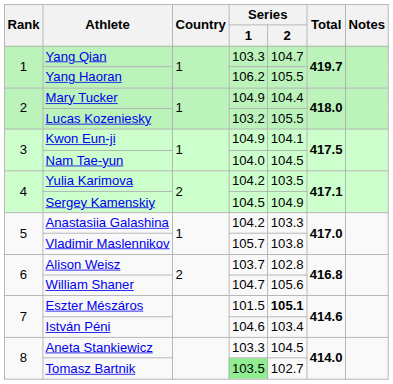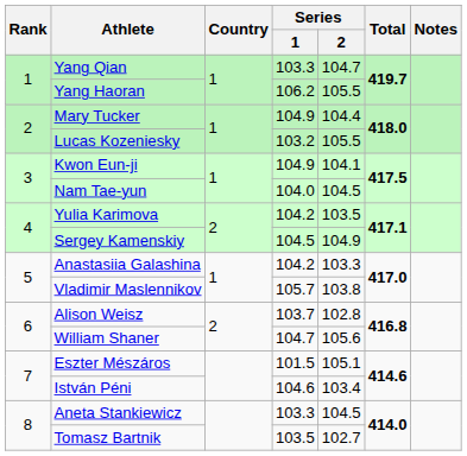 <table class="wikitable sortable" style="text-align:center">
 <tr>
 <th rowspan=2>Rank</th>
 <th rowspan=2>Athlete</th>
 <th rowspan=2>Country</th>
 <th colspan=2>Series</th>
 <th rowspan=2>Total</th>
 <th rowspan=2>Notes</th>
 </tr>
 <tr>
 <th width="40px">1</th>
 <th width="40px">2</th>
 </tr>
 <tr bgcolor=bbf3bb>
 <td rowspan=2>1</td>
 <td align=left><a href='#'>Yang Qian</a></td>
 <td rowspan=2 align=left> 1</td>
 <td>103.3</td>
 <td>104.7</td>
 <td rowspan=2><strong>419.7</strong></td>
 <td rowspan=2></td>
 </tr>
 <tr bgcolor=bbf3bb>
 <td align=left><a href='#'>Yang Haoran</a></td>
 <td>106.2</td>
 <td>105.5</td>
 </tr>
 <tr bgcolor=bbf3bb>
 <td rowspan=2>2</td>
 <td align=left><a href='#'>Mary Tucker</a></td>
 <td rowspan=2 align=left> 1</td>
 <td>104.9</td>
 <td>104.4</td>
 <td rowspan=2><strong>418.0</strong></td>
 <td rowspan=2></td>
 </tr>
 <tr bgcolor=bbf3bb>
 <td align=left><a href='#'>Lucas Kozeniesky</a></td>
 <td>103.2</td>
 <td>105.5</td>
 </tr>
 <tr bgcolor=ccffcc>
 <td rowspan=2>3</td>
 <td align=left><a href='#'>Kwon Eun-ji</a></td>
 <td rowspan=2 align=left> 1</td>
 <td>104.9</td>
 <td>104.1</td>
 <td rowspan=2><strong>417.5</strong></td>
 <td rowspan=2></td>
 </tr>
 <tr bgcolor=ccffcc>
 <td align=left><a href='#'>Nam Tae-yun</a></td>
 <td>104.0</td>
 <td>104.5</td>
 </tr>
 <tr bgcolor=ccffcc>
 <td rowspan=2>4</td>
 <td align=left><a href='#'>Yulia Karimova</a></td>
 <td rowspan=2 align=left> 2</td>
 <td>104.2</td>
 <td>103.5</td>
 <td rowspan=2><strong>417.1</strong></td>
 <td rowspan=2></td>
 </tr>
 <tr bgcolor=ccffcc>
 <td align=left><a href='#'>Sergey Kamenskiy</a></td>
 <td>104.5</td>
 <td>104.9</td>
 </tr>
 <tr>
 <td rowspan=2>5</td>
 <td align=left><a href='#'>Anastasiia Galashina</a></td>
 <td rowspan=2 align=left> 1</td>
 <td>104.2</td>
 <td>103.3</td>
 <td rowspan=2><strong>417.0</strong></td>
 <td rowspan=2></td>
 </tr>
 <tr>
 <td align=left><a href='#'>Vladimir Maslennikov</a></td>
 <td>105.7</td>
 <td>103.8</td>
 </tr>
 <tr>
 <td rowspan=2>6</td>
 <td align=left><a href='#'>Alison Weisz</a></td>
 <td rowspan=2 align=left> 2</td>
 <td>103.7</td>
 <td>102.8</td>
 <td rowspan=2><strong>416.8</strong></td>
 <td rowspan=2></td>
 </tr>
 <tr>
 <td align=left><a href='#'>William Shaner</a></td>
 <td>104.7</td>
 <td>105.6</td>
 </tr>
 <tr>
 <td rowspan=2>7</td>
 <td align=left><a href='#'>Eszter Mészáros</a></td>
 <td rowspan=2 align=left></td>
 <td>101.5</td>
-<td><strong>105.1</strong></td>
+<td>105.1</td>
 <td rowspan=2><strong>414.6</strong></td>
 <td rowspan=2></td>
 </tr>
 <tr>
 <td align=left><a href='#'>István Péni</a></td>
 <td>104.6</td>
 <td>103.4</td>
 </tr>
 <tr>
 <td rowspan=2>8</td>
 <td align=left><a href='#'>Aneta Stankiewicz</a></td>
 <td rowspan=2 align=left></td>
 <td>103.3</td>
 <td>104.5</td>
 <td rowspan=2><strong>414.0</strong></td>
 <td rowspan=2></td>
 </tr>
 <tr>
 <td align=left><a href='#'>Tomasz Bartnik</a></td>
-<td style="background: lightgreen;">103.5</td>
+<td>103.5</td>
 <td>102.7</td>
 </tr>
 </table>
